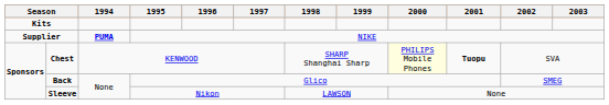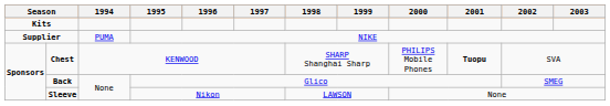 <table class="wikitable" style="width:800px; font-size:80%; text-align:center">
 <tr bgcolor="#FF7300" style="color:black">
 <th colspan="2" width="100px"><strong>Season</strong></th>
 <th style="width:100px;"><strong>1994</strong></th>
 <th style="width:100px;"><strong>1995</strong></th>
 <th style="width:100px;"><strong>1996</strong></th>
 <th style="width:100px;"><strong>1997</strong></th>
 <th style="width:100px;"><strong>1998</strong></th>
 <th style="width:100px;"><strong>1999</strong></th>
 <th style="width:100px;"><strong>2000</strong></th>
 <th style="width:100px;"><strong>2001</strong></th>
 <th style="width:100px;"><strong>2002</strong></th>
 <th style="width:100px;"><strong>2003</strong></th>
 </tr>
 <tr align="center">
 <td colspan="2"><strong>Kits</strong></td>
 <td></td>
 <td></td>
 <td></td>
 <td></td>
 <td></td>
 <td></td>
 <td></td>
 <td></td>
 <td></td>
 <td></td>
 </tr>
 <tr align="center">
 <td colspan="2"><strong>Supplier</strong></td>
-<td><strong><a href='#'>PUMA</a></strong></td>
+<td><a href='#'>PUMA</a></td>
 <td colspan="9"><a href='#'>NIKE</a></td>
 </tr>
 <tr align="center">
 <td rowspan="3"><strong>Sponsors</strong></td>
 <td><strong>Chest</strong></td>
 <td colspan="4"><a href='#'>KENWOOD</a></td>
 <td colspan="2"><a href='#'>SHARP</a><br>Shanghai Sharp</td>
-<td style="background: lightyellow;"><a href='#'>PHILIPS</a><br>Mobile Phones</td>
+<td><a href='#'>PHILIPS</a><br>Mobile Phones</td>
 <td><strong>Tuopu</strong></td>
 <td colspan="2">SVA</td>
 </tr>
 <tr>
 <td><strong>Back</strong></td>
 <td rowspan="2">None</td>
 <td colspan="7"><a href='#'>Glico</a></td>
 <td colspan="2"><a href='#'>SMEG</a></td>
 </tr>
 <tr>
 <td><strong>Sleeve</strong></td>
 <td colspan="3"><a href='#'>Nikon</a></td>
 <td colspan="2"><a href='#'>LAWSON</a></td>
 <td colspan="4">None</td>
 </tr>
 </table>
